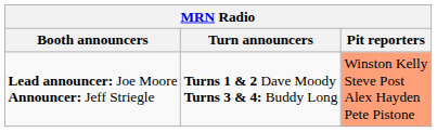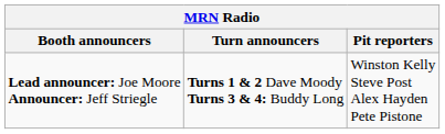 <table class="wikitable" style="font-size: 95%;">
 <tr>
 <th colspan="3"><a href='#'>MRN</a> Radio</th>
 </tr>
 <tr>
 <th>Booth announcers</th>
 <th>Turn announcers</th>
 <th>Pit reporters</th>
 </tr>
 <tr>
 <td><strong>Lead announcer:</strong> Joe Moore<br><strong>Announcer:</strong> Jeff Striegle</td>
 <td><strong>Turns 1 & 2</strong> Dave Moody<br><strong>Turns 3 & 4:</strong> Buddy Long</td>
-<td style="background: lightsalmon;">Winston Kelly<br>Steve Post<br>Alex Hayden<br>Pete Pistone</td>
+<td>Winston Kelly<br>Steve Post<br>Alex Hayden<br>Pete Pistone</td>
 </tr>
 </table>
